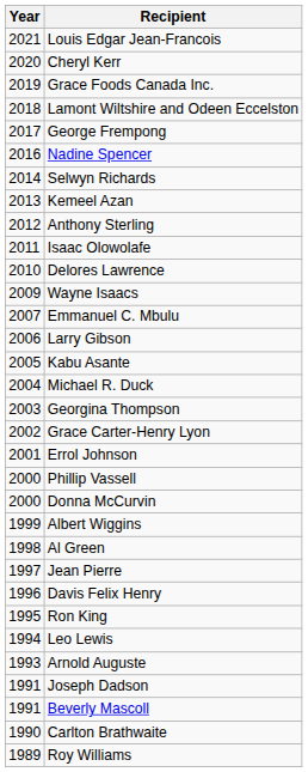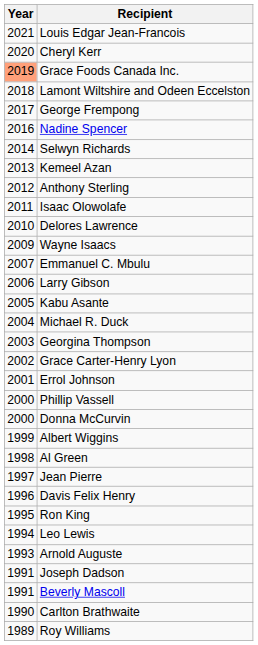 <table class="wikitable sortable">
 <tr>
 <th>Year</th>
 <th>Recipient</th>
 </tr>
 <tr>
 <td>2021</td>
 <td>Louis Edgar Jean-Francois</td>
 </tr>
 <tr>
 <td>2020</td>
 <td>Cheryl Kerr</td>
 </tr>
 <tr>
-<td>2019</td>
+<td style="background: lightsalmon;">2019</td>
 <td>Grace Foods Canada Inc.</td>
 </tr>
 <tr>
 <td>2018</td>
 <td>Lamont Wiltshire and Odeen Eccelston</td>
 </tr>
 <tr>
 <td>2017</td>
 <td>George Frempong</td>
 </tr>
 <tr>
 <td>2016</td>
 <td><a href='#'>Nadine Spencer</a></td>
 </tr>
 <tr>
 <td>2014</td>
 <td>Selwyn Richards</td>
 </tr>
 <tr>
 <td>2013</td>
 <td>Kemeel Azan</td>
 </tr>
 <tr>
 <td>2012</td>
 <td>Anthony Sterling</td>
 </tr>
 <tr>
 <td>2011</td>
 <td>Isaac Olowolafe</td>
 </tr>
 <tr>
 <td>2010</td>
 <td>Delores Lawrence</td>
 </tr>
 <tr>
 <td>2009</td>
 <td>Wayne Isaacs</td>
 </tr>
 <tr>
 <td>2007</td>
 <td>Emmanuel C. Mbulu</td>
 </tr>
 <tr>
 <td>2006</td>
 <td>Larry Gibson</td>
 </tr>
 <tr>
 <td>2005</td>
 <td>Kabu Asante</td>
 </tr>
 <tr>
 <td>2004</td>
 <td>Michael R. Duck</td>
 </tr>
 <tr>
 <td>2003</td>
 <td>Georgina Thompson</td>
 </tr>
 <tr>
 <td>2002</td>
 <td>Grace Carter-Henry Lyon</td>
 </tr>
 <tr>
 <td>2001</td>
 <td>Errol Johnson</td>
 </tr>
 <tr>
 <td>2000</td>
 <td>Phillip Vassell</td>
 </tr>
 <tr>
 <td>2000</td>
 <td>Donna McCurvin</td>
 </tr>
 <tr>
 <td>1999</td>
 <td>Albert Wiggins</td>
 </tr>
 <tr>
 <td>1998</td>
 <td>Al Green</td>
 </tr>
 <tr>
 <td>1997</td>
 <td>Jean Pierre</td>
 </tr>
 <tr>
 <td>1996</td>
 <td>Davis Felix Henry</td>
 </tr>
 <tr>
 <td>1995</td>
 <td>Ron King</td>
 </tr>
 <tr>
 <td>1994</td>
 <td>Leo Lewis</td>
 </tr>
 <tr>
 <td>1993</td>
 <td>Arnold Auguste</td>
 </tr>
 <tr>
 <td>1991</td>
 <td>Joseph Dadson</td>
 </tr>
 <tr>
 <td>1991</td>
 <td><a href='#'>Beverly Mascoll</a></td>
 </tr>
 <tr>
 <td>1990</td>
 <td>Carlton Brathwaite</td>
 </tr>
 <tr>
 <td>1989</td>
 <td>Roy Williams</td>
 </tr>
 </table>
